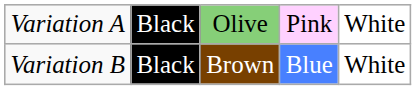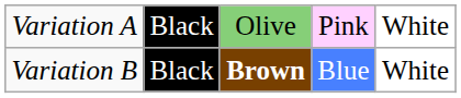 <table class="wikitable" style="text-align:center;">
 <tr>
 <td><em>Variation A</em></td>
 <td style="background-color: black; color:#ffffff;">Black</td>
 <td style="background-color: #86cf78;">Olive</td>
 <td style="background-color: #ffd1ff;">Pink</td>
 <td style="background-color: white;">White</td>
 </tr>
 <tr>
 <td><em>Variation B</em></td>
 <td style="background-color: black; color:#ffffff;">Black</td>
-<td style="background-color: #784000; color:#ffffff;">Brown</td>
+<td style="background-color: #784000; color:#ffffff;"><strong>Brown</strong></td>
 <td style="background-color: #4880ff; color:#ffffff;">Blue</td>
 <td style="background-color: white;">White</td>
 </tr>
 </table>
